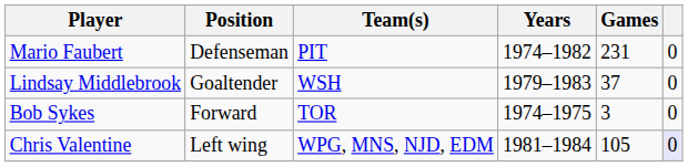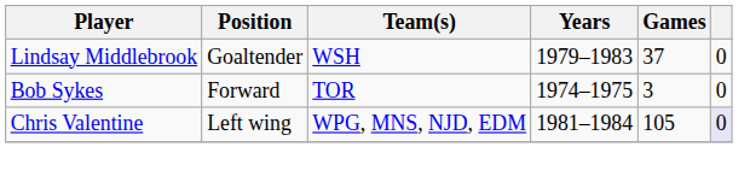 <table class="wikitable">
 <tr>
 <th>Player</th>
 <th>Position</th>
 <th>Team(s)</th>
 <th>Years</th>
 <th>Games</th>
 <th><a href='#'></a></th>
-</tr>
-<tr>
-<td><a href='#'>Mario Faubert</a></td>
-<td>Defenseman</td>
-<td><a href='#'>PIT</a></td>
-<td>1974–1982</td>
-<td>231</td>
-<td>0</td>
 </tr>
 <tr>
 <td><a href='#'>Lindsay Middlebrook</a></td>
 <td>Goaltender</td>
 <td><a href='#'>WSH</a></td>
 <td>1979–1983</td>
 <td>37</td>
 <td>0</td>
 </tr>
 <tr>
 <td><a href='#'>Bob Sykes</a></td>
 <td>Forward</td>
 <td><a href='#'>TOR</a></td>
 <td>1974–1975</td>
 <td>3</td>
 <td>0</td>
 </tr>
 <tr>
 <td><a href='#'>Chris Valentine</a></td>
 <td>Left wing</td>
 <td><a href='#'>WPG</a>, <a href='#'>MNS</a>, <a href='#'>NJD</a>, <a href='#'>EDM</a></td>
 <td>1981–1984</td>
 <td>105</td>
 <td style="background: lavender;">0</td>
 </tr>
 <tr>
 </tr>
 </table>
